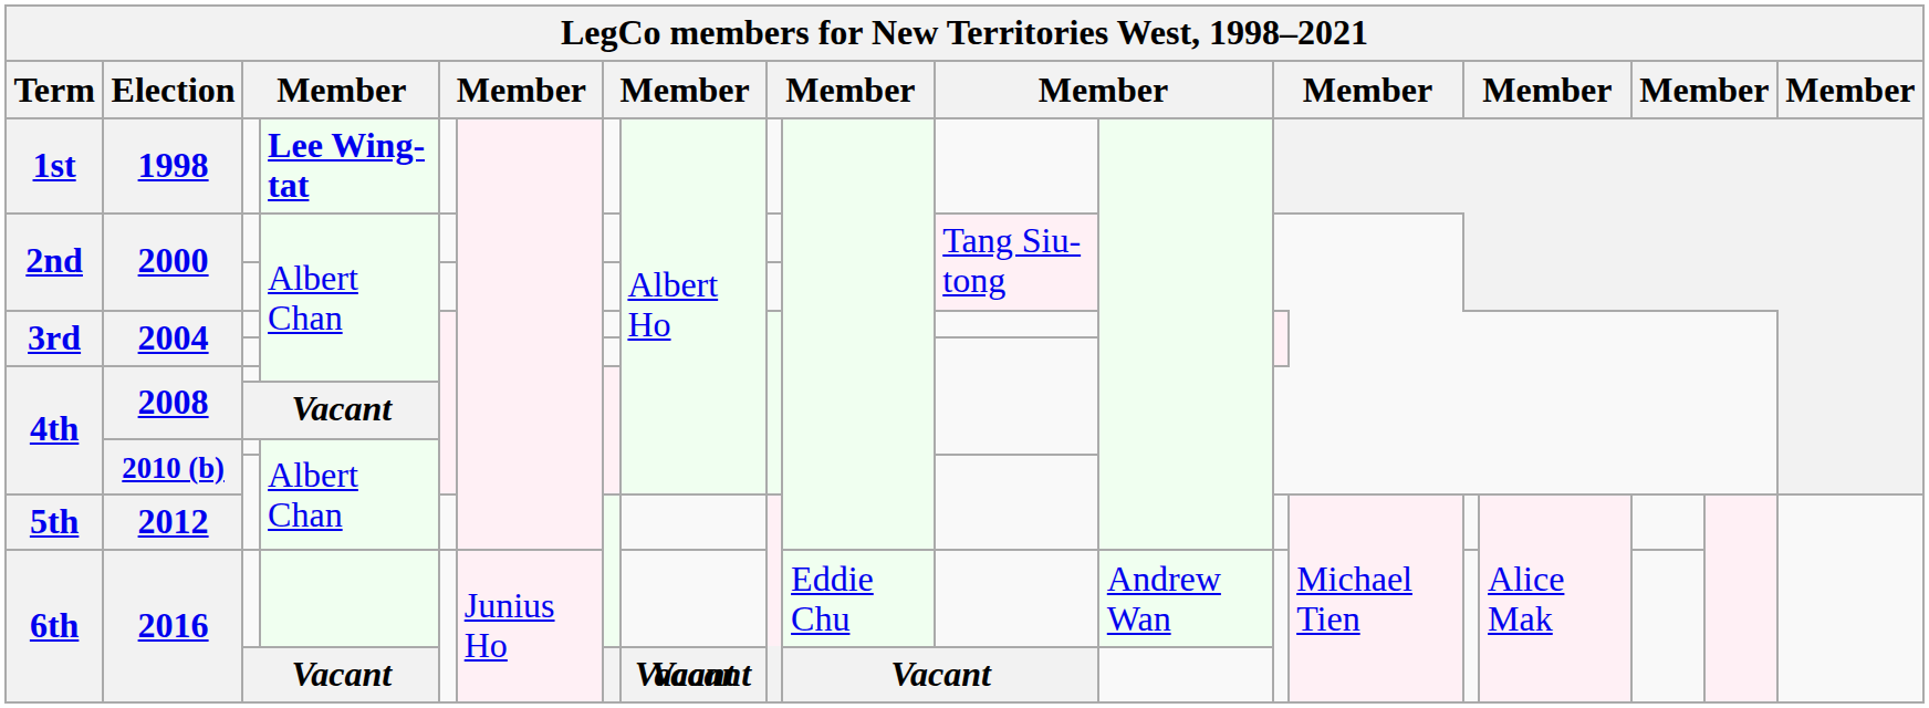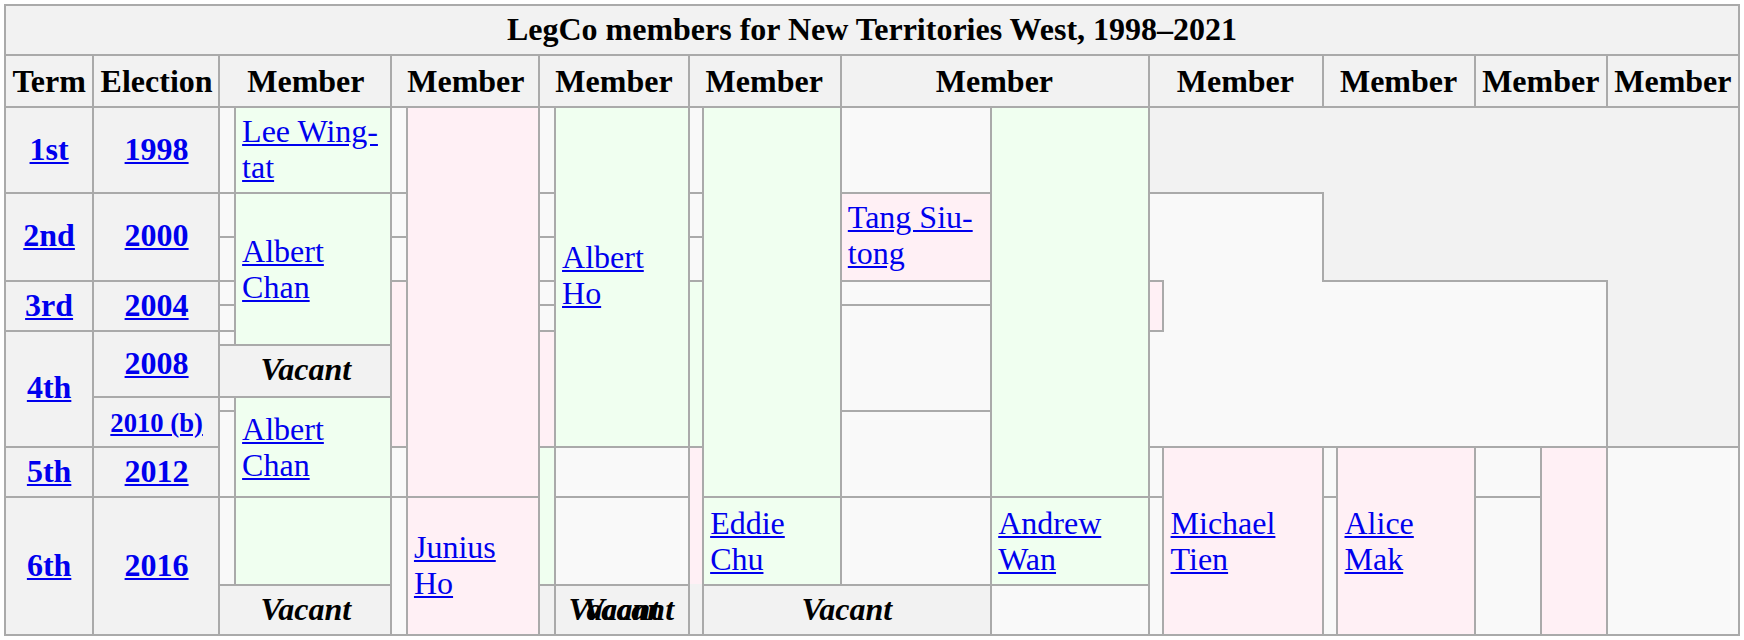 <table class="wikitable" style="text-align:left; font-size:100%;">
 <tr>
 <th colspan = 20>LegCo members for New Territories West, 1998–2021</th>
 </tr>
 <tr>
 <th>Term</th>
 <th>Election</th>
 <th colspan="2" width="50px">Member</th>
 <th colspan="2" width="50px">Member</th>
 <th colspan="2" width="50px">Member</th>
 <th colspan="2" width="50px">Member</th>
 <th colspan="2" width="50px">Member</th>
 <th colspan="2" width="50px">Member</th>
 <th colspan="2" width="50px">Member</th>
 <th colspan="2" width="50px">Member</th>
 <th colspan="2" width="50px">Member</th>
 </tr>
 <tr>
 <th><a href='#'>1st</a></th>
 <th><a href='#'>1998</a></th>
 <td style="color:inherit;background:"></td>
-<td bgcolor=Honeydew><strong><a href='#'>Lee Wing-tat</a> <br></strong></td>
+<td bgcolor=Honeydew><a href='#'>Lee Wing-tat</a> <br></td>
 <td style="color:inherit;background:"></td>
 <td rowspan="10" bgcolor=LavenderBlush> <br></td>
 <td style="color:inherit;background:"></td>
 <td rowspan="9" bgcolor=Honeydew><a href='#'>Albert Ho</a> <br></td>
 <td style="color:inherit;background:"></td>
 <td rowspan="10" bgcolor=Honeydew> <br></td>
 <td style="color:inherit;background:"></td>
 <td rowspan="10" bgcolor=Honeydew> <br></td>
 <th colspan=2 style=border-right-style:hidden;></th>
 <th rowspan=3 colspan=2 style=border-right-style:hidden;></th>
 <th rowspan=3 colspan=2 style=border-right-style:hidden;></th>
 <th rowspan=9 colspan=2></th>
 </tr>
 <tr>
 <th rowspan=2><a href='#'>2nd</a></th>
 <th rowspan=2><a href='#'>2000</a></th>
 <td style="color:inherit;background:"></td>
 <td rowspan=5 bgcolor=Honeydew><a href='#'>Albert Chan</a> <br></td>
 <td style="color:inherit;background:"></td>
 <td></td>
 <td style="color:inherit;background:"></td>
 <td rowspan="2" bgcolor=LavenderBlush><a href='#'>Tang Siu-tong</a> <br></td>
 </tr>
 <tr>
 <td style="color:inherit;background:"></td>
 </tr>
 <tr>
 <th rowspan=2><a href='#'>3rd</a></th>
 <th rowspan=2><a href='#'>2004</a></th>
 <td style="color:inherit;background:"></td>
 <td rowspan="6" bgcolor=LavenderBlush> <br></td>
 <td style="color:inherit;background:"></td>
 <td rowspan=6 bgcolor=Honeydew> <br></td>
 <td style="color:inherit;background:"></td>
 <td rowspan=2 bgcolor=LavenderBlush> <br></td>
 </tr>
 <tr>
 <td style="color:inherit;background:"></td>
 </tr>
 <tr>
 <th rowspan=4><a href='#'>4th</a></th>
 <th rowspan=2><a href='#'>2008</a></th>
 <td style="color:inherit;background:"></td>
 <td rowspan=4 bgcolor=LavenderBlush> <br></td>
 </tr>
 <tr>
 <th colspan=2><em>Vacant</em></th>
 </tr>
 <tr>
 <th rowspan=2><small><a href='#'>2010 (b)</a></small></th>
 <td style="color:inherit;background:"></td>
 <td rowspan=3 bgcolor=Honeydew><a href='#'>Albert Chan</a> <br></td>
 </tr>
 <tr>
 <td rowspan=2 style="color:inherit;background:"></td>
 <td rowspan=2></td>
 </tr>
 <tr>
 <th><a href='#'>5th</a></th>
 <th><a href='#'>2012</a></th>
 <td style="color:inherit;background:"></td>
 <td rowspan=4 bgcolor=Honeydew> <br></td>
 <td style="color:inherit;background:"></td>
 <td rowspan=5 bgcolor=LavenderBlush> <br></td>
 <td style="color:inherit;background:"></td>
 <td rowspan=5 bgcolor=LavenderBlush><a href='#'>Michael Tien</a> <br></td>
 <td style="color:inherit;background:"></td>
 <td rowspan=5 bgcolor=LavenderBlush><a href='#'>Alice Mak</a> <br></td>
 <td style="color:inherit;background:"></td>
 <td rowspan=5 bgcolor=LavenderBlush> <br></td>
 </tr>
 <tr>
 <th rowspan=4><a href='#'>6th</a></th>
 <th rowspan=4><a href='#'>2016</a></th>
 <td rowspan=3 style="color:inherit;background:"></td>
 <td rowspan=3 bgcolor=Honeydew> <br></td>
 <td rowspan=4 style="color:inherit;background:"></td>
 <td rowspan=4 bgcolor=LavenderBlush><a href='#'>Junius Ho</a> <br></td>
 <td rowspan=2 style="color:inherit;background:"></td>
 <td rowspan=2 bgcolor=Honeydew><a href='#'>Eddie Chu</a> <br></td>
 <td rowspan=3 style="color:inherit;background:"></td>
 <td rowspan=3 bgcolor=Honeydew><a href='#'>Andrew Wan</a> <br></td>
 </tr>
 <tr>
 <td rowspan=3 style="color:inherit;background:"></td>
 </tr>
 <tr>
 <th colspan=2 rowspan=2><em>Vacant</em></th>
 </tr>
 <tr>
 <th colspan=2><em>Vacant</em></th>
 <th colspan=2><em>Vacant</em></th>
 <th colspan=2><em>Vacant</em></th>
 </tr>
 </table>
